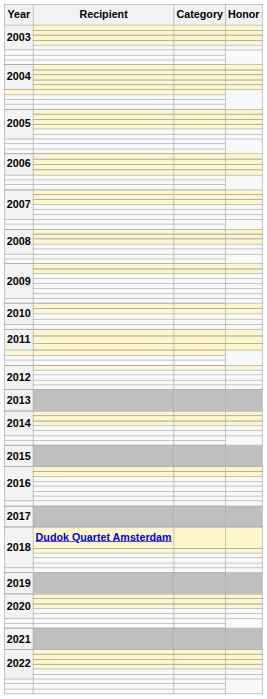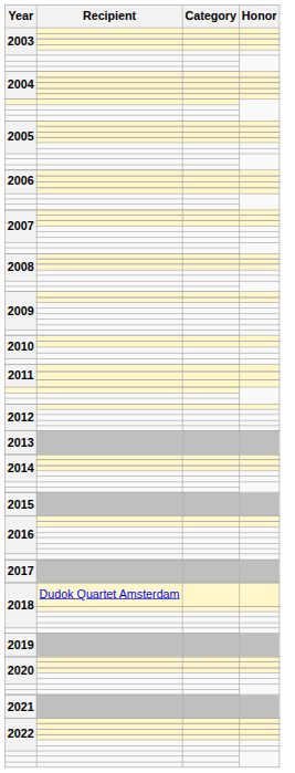 <table class="wikitable sortable mw-collapsible" style="font-size:1.00em; line-height:1.5em;">
 <tr>
 <th scope="col">Year</th>
 <th scope="col">Recipient</th>
 <th scope="col">Category</th>
 <th scope="col">Honor</th>
 </tr>
 <tr style="background:#fff7c9">
 <th rowspan="8" scope="row" !>2003</th>
 <td></td>
 <td></td>
 <td></td>
 </tr>
 <tr>
 </tr>
 <tr style="background:#fff7c9; color:black">
 <td></td>
 <td></td>
 <td></td>
 </tr>
 <tr>
 </tr>
 <tr style="background:#fff7c9; color:black">
 <td></td>
 <td></td>
 <td></td>
 </tr>
 <tr>
 </tr>
 <tr style="background:#fff7c9; color:black">
 <td></td>
 <td></td>
 <td></td>
 </tr>
 <tr>
 <td></td>
 <td></td>
 <td></td>
 </tr>
 <tr>
 <td></td>
 <td></td>
 <td></td>
 </tr>
 <tr>
 <td></td>
 <td></td>
 <td></td>
 </tr>
 <tr>
 <td></td>
 <td></td>
 <td></td>
 </tr>
 <tr>
 </tr>
 <tr style="background:#fff7c9; color:black">
 <th rowspan="9" scope="row" !>2004</th>
 <td></td>
 <td></td>
 <td></td>
 </tr>
 <tr>
 </tr>
 <tr style="background:#fff7c9; color:black">
 <td></td>
 <td></td>
 <td></td>
 </tr>
 <tr>
 </tr>
 <tr style="background:#fff7c9; color:black">
 <td></td>
 <td></td>
 <td></td>
 </tr>
 <tr>
 </tr>
 <tr style="background:#fff7c9; color:black">
 <td></td>
 <td></td>
 <td></td>
 </tr>
 <tr>
 </tr>
 <tr style="background:#fff7c9; color:black">
 <td></td>
 <td></td>
 <td></td>
 </tr>
 <tr>
 </tr>
 <tr style="background:#fff7c9; color:black">
 <td></td>
 <td></td>
 <td></td>
 </tr>
 <tr>
 <td></td>
 <td></td>
 <td></td>
 </tr>
 <tr>
 <td></td>
 <td></td>
 <td></td>
 </tr>
 <tr>
 <td></td>
 <td></td>
 <td></td>
 </tr>
 <tr>
 </tr>
 <tr style="background:#fff7c9; color:black">
 <th rowspan="9" scope="row" !>2005</th>
 <td></td>
 <td></td>
 <td></td>
 </tr>
 <tr>
 </tr>
 <tr style="background:#fff7c9; color:black">
 <td></td>
 <td></td>
 <td></td>
 </tr>
 <tr>
 </tr>
 <tr style="background:#fff7c9; color:black">
 <td></td>
 <td></td>
 <td></td>
 </tr>
 <tr>
 </tr>
 <tr style="background:#fff7c9; color:black">
 <td></td>
 <td></td>
 <td></td>
 </tr>
 <tr>
 <td></td>
 <td></td>
 <td></td>
 </tr>
 <tr>
 <td></td>
 <td></td>
 <td></td>
 </tr>
 <tr>
 <td></td>
 <td></td>
 <td></td>
 </tr>
 <tr>
 <td></td>
 <td></td>
 <td></td>
 </tr>
 <tr>
 <td></td>
 <td></td>
 <td></td>
 </tr>
 <tr>
 </tr>
 <tr style="background:#fff7c9; color:black">
 <th rowspan="7" scope="row" !>2006</th>
 <td></td>
 <td></td>
 <td></td>
 </tr>
 <tr>
 </tr>
 <tr style="background:#fff7c9; color:black">
 <td></td>
 <td></td>
 <td></td>
 </tr>
 <tr>
 </tr>
 <tr style="background:#fff7c9; color:black">
 <td></td>
 <td></td>
 <td></td>
 </tr>
 <tr>
 </tr>
 <tr style="background:#fff7c9; color:black">
 <td></td>
 <td></td>
 <td></td>
 </tr>
 <tr>
 <td></td>
 <td></td>
 <td></td>
 </tr>
 <tr>
 <td></td>
 <td></td>
 <td></td>
 </tr>
 <tr>
 <td></td>
 <td></td>
 <td></td>
 </tr>
 <tr>
 </tr>
 <tr style="background:#fff7c9; color:black">
 <th rowspan="8" scope="row" !>2007</th>
 <td></td>
 <td></td>
 <td></td>
 </tr>
 <tr>
 </tr>
 <tr style="background:#fff7c9; color:black">
 <td></td>
 <td></td>
 <td></td>
 </tr>
 <tr>
 </tr>
 <tr style="background:#fff7c9; color:black">
 <td></td>
 <td></td>
 <td></td>
 </tr>
 <tr>
 <td></td>
 <td></td>
 <td></td>
 </tr>
 <tr>
 <td></td>
 <td></td>
 <td></td>
 </tr>
 <tr>
 <td></td>
 <td></td>
 <td></td>
 </tr>
 <tr>
 <td></td>
 <td></td>
 <td></td>
 </tr>
 <tr>
 <td></td>
 <td></td>
 <td></td>
 </tr>
 <tr>
 </tr>
 <tr style="background:#fff7c9; color:black">
 <th rowspan="7" scope="row" !>2008</th>
 <td></td>
 <td></td>
 <td></td>
 </tr>
 <tr>
 </tr>
 <tr style="background:#fff7c9; color:black">
 <td></td>
 <td></td>
 <td></td>
 </tr>
 <tr>
 </tr>
 <tr style="background:#fff7c9; color:black">
 <td></td>
 <td></td>
 <td></td>
 </tr>
 <tr>
 <td></td>
 <td></td>
 <td></td>
 </tr>
 <tr>
 <td></td>
 <td></td>
 <td></td>
 </tr>
 <tr>
 <td></td>
 <td></td>
 <td></td>
 </tr>
 <tr>
 <td></td>
 <td></td>
 <td></td>
 </tr>
 <tr>
 </tr>
 <tr style="background:#fff7c9; color:black">
 <th rowspan="8" scope="row" !>2009</th>
 <td></td>
 <td></td>
 <td></td>
 </tr>
 <tr>
 </tr>
 <tr style="background:#fff7c9; color:black">
 <td></td>
 <td></td>
 <td></td>
 </tr>
 <tr>
 <td></td>
 <td></td>
 <td></td>
 </tr>
 <tr>
 <td></td>
 <td></td>
 <td></td>
 </tr>
 <tr>
 <td></td>
 <td></td>
 <td></td>
 </tr>
 <tr>
 <td></td>
 <td></td>
 <td></td>
 </tr>
 <tr>
 <td></td>
 <td></td>
 <td></td>
 </tr>
 <tr>
 <td></td>
 <td></td>
 <td></td>
 </tr>
 <tr>
 </tr>
 <tr style="background:#fff7c9; color:black">
 <th rowspan="5" scope="row" !>2010</th>
 <td></td>
 <td></td>
 <td></td>
 </tr>
 <tr>
 </tr>
 <tr style="background:#fff7c9; color:black">
 <td></td>
 <td></td>
 <td></td>
 </tr>
 <tr>
 <td></td>
 <td></td>
 <td></td>
 </tr>
 <tr>
 <td></td>
 <td></td>
 <td></td>
 </tr>
 <tr>
 <td></td>
 <td></td>
 <td></td>
 </tr>
 <tr>
 </tr>
 <tr style="background:#fff7c9; color:black">
 <th rowspan="6" scope="row" !>2011</th>
 <td></td>
 <td></td>
 <td></td>
 </tr>
 <tr>
 </tr>
 <tr style="background:#fff7c9; color:black">
 <td></td>
 <td></td>
 <td></td>
 </tr>
 <tr>
 </tr>
 <tr style="background:#fff7c9; color:black">
 <td></td>
 <td></td>
 <td></td>
 </tr>
 <tr>
 </tr>
 <tr style="background:#fff7c9; color:black">
 <td></td>
 <td></td>
 <td></td>
 </tr>
 <tr>
 <td></td>
 <td></td>
 <td></td>
 </tr>
 <tr>
 <td></td>
 <td></td>
 <td></td>
 </tr>
 <tr>
 </tr>
 <tr style="background:#fff7c9; color:black">
 <th rowspan="5" scope="row" !>2012</th>
 <td></td>
 <td></td>
 <td></td>
 </tr>
 <tr>
 <td></td>
 <td></td>
 <td></td>
 </tr>
 <tr>
 <td></td>
 <td></td>
 <td></td>
 </tr>
 <tr>
 <td></td>
 <td></td>
 <td></td>
 </tr>
 <tr>
 <td></td>
 <td></td>
 <td></td>
 </tr>
 <tr>
 </tr>
 <tr style="background:#BFBFBF; color:black">
 <th rowspan="1" scope="row" !>2013</th>
 <td></td>
 <td></td>
 <td></td>
 </tr>
 <tr>
 </tr>
 <tr style="background:#fff7c9; color:black">
 <th rowspan="7" scope="row" !>2014</th>
 <td></td>
 <td></td>
 <td></td>
 </tr>
 <tr>
 </tr>
 <tr style="background:#fff7c9; color:black">
 <td></td>
 <td></td>
 <td></td>
 </tr>
 <tr>
 </tr>
 <tr style="background:#fff7c9; color:black">
 <td></td>
 <td></td>
 <td></td>
 </tr>
 <tr>
 <td></td>
 <td></td>
 <td></td>
 </tr>
 <tr>
 <td></td>
 <td></td>
 <td></td>
 </tr>
 <tr>
 <td></td>
 <td></td>
 <td></td>
 </tr>
 <tr>
 <td></td>
 <td></td>
 <td></td>
 </tr>
 <tr>
 </tr>
 <tr style="background:#BFBFBF; color:black">
 <th rowspan="1" scope="row" !>2015</th>
 <td></td>
 <td></td>
 <td></td>
 </tr>
 <tr>
 </tr>
 <tr style="background:#fff7c9; color:black">
 <th rowspan="8" scope="row" !>2016</th>
 <td></td>
 <td></td>
 <td></td>
 </tr>
 <tr>
 </tr>
 <tr style="background:#fff7c9; color:black">
 <td></td>
 <td></td>
 <td></td>
 </tr>
 <tr>
 <td></td>
 <td></td>
 <td></td>
 </tr>
 <tr>
 <td></td>
 <td></td>
 <td></td>
 </tr>
 <tr>
 <td></td>
 <td></td>
 <td></td>
 </tr>
 <tr>
 <td></td>
 <td></td>
 <td></td>
 </tr>
 <tr>
 <td></td>
 <td></td>
 <td></td>
 </tr>
 <tr>
 <td></td>
 <td></td>
 <td></td>
 </tr>
 <tr>
 </tr>
 <tr style="background:#BFBFBF; color:black">
 <th rowspan="1" scope="row" !>2017</th>
 <td></td>
 <td></td>
 <td></td>
 </tr>
 <tr>
 </tr>
 <tr style="background:#fff7c9; color:black">
 <th rowspan="6" scope="row" !>2018</th>
-<td><strong><a href='#'>Dudok Quartet Amsterdam</a></strong></td>
+<td><a href='#'>Dudok Quartet Amsterdam</a></td>
 <td></td>
 <td></td>
 </tr>
 <tr>
 </tr>
 <tr style="background:#fff7c9; color:black">
 <td></td>
 <td></td>
 <td></td>
 </tr>
 <tr>
 <td></td>
 <td></td>
 <td></td>
 </tr>
 <tr>
 <td></td>
 <td></td>
 <td></td>
 </tr>
 <tr>
 <td></td>
 <td></td>
 <td></td>
 </tr>
 <tr>
 <td></td>
 <td></td>
 <td></td>
 </tr>
 <tr>
 </tr>
 <tr style="background:#BFBFBF; color:black">
 <th rowspan="1" scope="row" !>2019</th>
 <td></td>
 <td></td>
 <td></td>
 </tr>
 <tr>
 </tr>
 <tr style="background:#fff7c9; color:black">
 <th rowspan="7" scope="row" !>2020</th>
 <td></td>
 <td></td>
 <td></td>
 </tr>
 <tr>
 </tr>
 <tr style="background:#fff7c9; color:black">
 <td></td>
 <td></td>
 <td></td>
 </tr>
 <tr>
 </tr>
 <tr style="background:#fff7c9; color:black">
 <td></td>
 <td></td>
 <td></td>
 </tr>
 <tr>
 <td></td>
 <td></td>
 <td></td>
 </tr>
 <tr>
 <td></td>
 <td></td>
 <td></td>
 </tr>
 <tr>
 <td></td>
 <td></td>
 <td></td>
 </tr>
 <tr>
 <td></td>
 <td></td>
 <td></td>
 </tr>
 <tr>
 </tr>
 <tr style="background:#BFBFBF; color:black">
 <th rowspan="1" scope="row" !>2021</th>
 <td></td>
 <td></td>
 <td></td>
 </tr>
 <tr>
 </tr>
 <tr style="background:#fff7c9; color:black">
 <th rowspan="9" scope="row" !>2022</th>
 <td></td>
 <td></td>
 <td></td>
 </tr>
 <tr>
 </tr>
 <tr style="background:#fff7c9; color:black">
 <td></td>
 <td></td>
 <td></td>
 </tr>
 <tr>
 </tr>
 <tr style="background:#fff7c9; color:black">
 <td></td>
 <td></td>
 <td></td>
 </tr>
 <tr>
 </tr>
 <tr style="background:#fff7c9; color:black">
 <td></td>
 <td></td>
 <td></td>
 </tr>
 <tr>
 <td></td>
 <td></td>
 <td></td>
 </tr>
 <tr>
 <td></td>
 <td></td>
 <td></td>
 </tr>
 <tr>
 <td></td>
 <td></td>
 <td></td>
 </tr>
 <tr>
 <td></td>
 <td></td>
 <td></td>
 </tr>
 <tr>
 <td></td>
 <td></td>
 <td></td>
 </tr>
 </table>
